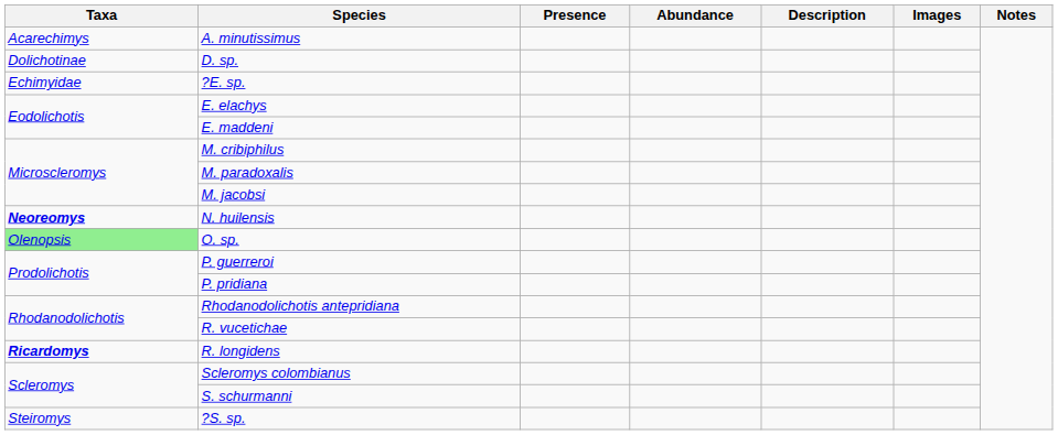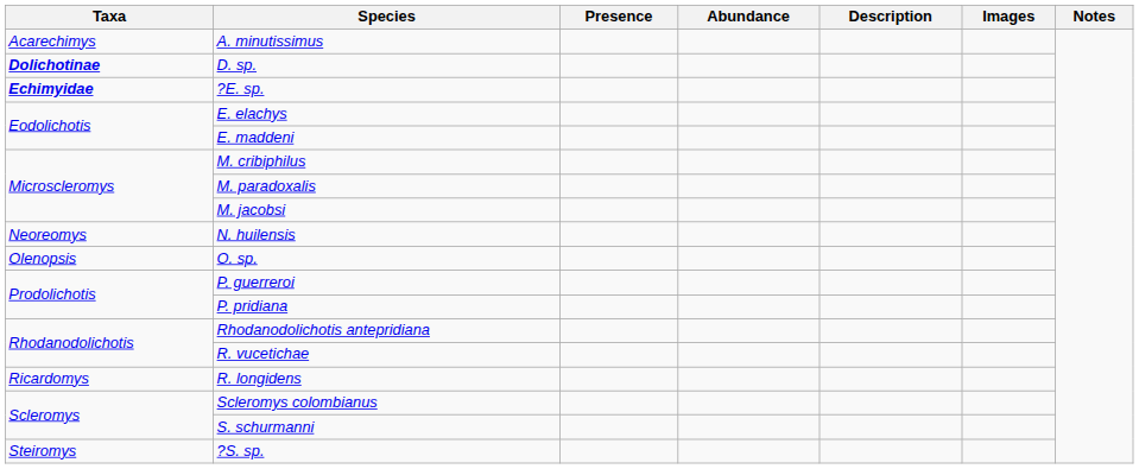 <table class="wikitable sortable" align="center" width="75%">
 <tr>
 <th>Taxa</th>
 <th>Species</th>
 <th>Presence</th>
 <th>Abundance</th>
 <th>Description</th>
 <th>Images</th>
 <th>Notes</th>
 </tr>
 <tr>
 <td><em><a href='#'>Acarechimys</a></em></td>
 <td><em><a href='#'>A. minutissimus</a></em></td>
 <td></td>
 <td></td>
 <td></td>
 <td></td>
 <td rowspan = "18"></td>
 </tr>
 <tr>
-<td><em><a href='#'>Dolichotinae</a></em></td>
+<td><strong><em><a href='#'>Dolichotinae</a></em></strong></td>
 <td><em><a href='#'>D. sp.</a></em></td>
 <td></td>
 <td></td>
 <td></td>
 <td></td>
 </tr>
 <tr>
-<td><em><a href='#'>Echimyidae</a></em></td>
+<td><strong><em><a href='#'>Echimyidae</a></em></strong></td>
 <td><em><a href='#'>?E. sp.</a></em></td>
 <td></td>
 <td></td>
 <td></td>
 <td></td>
 </tr>
 <tr>
 <td rowspan = "2"><em><a href='#'>Eodolichotis</a></em></td>
 <td><em><a href='#'>E. elachys</a></em></td>
 <td></td>
 <td></td>
 <td></td>
 <td></td>
 </tr>
 <tr>
 <td><em><a href='#'>E. maddeni</a></em></td>
 <td></td>
 <td></td>
 <td></td>
 <td></td>
 </tr>
 <tr>
 <td rowspan = "3"><em><a href='#'>Microscleromys</a></em></td>
 <td><em><a href='#'>M. cribiphilus</a></em></td>
 <td></td>
 <td></td>
 <td></td>
 <td></td>
 </tr>
 <tr>
 <td><em><a href='#'>M. paradoxalis</a></em></td>
 <td></td>
 <td></td>
 <td></td>
 <td></td>
 </tr>
 <tr>
 <td><em><a href='#'>M. jacobsi</a></em></td>
 <td></td>
 <td></td>
 <td></td>
 <td></td>
 </tr>
 <tr>
-<td><strong><em><a href='#'>Neoreomys</a></em></strong></td>
+<td><em><a href='#'>Neoreomys</a></em></td>
 <td><em><a href='#'>N. huilensis</a></em></td>
 <td></td>
 <td></td>
 <td></td>
 <td></td>
 </tr>
 <tr>
-<td style="background: lightgreen;"><em><a href='#'>Olenopsis</a></em></td>
+<td><em><a href='#'>Olenopsis</a></em></td>
 <td><em><a href='#'>O. sp.</a></em></td>
 <td></td>
 <td></td>
 <td></td>
 <td></td>
 </tr>
 <tr>
 <td rowspan = "2"><em><a href='#'>Prodolichotis</a></em></td>
 <td><em><a href='#'>P. guerreroi</a></em></td>
 <td></td>
 <td></td>
 <td></td>
 <td></td>
 </tr>
 <tr>
 <td><em><a href='#'>P. pridiana</a></em></td>
 <td></td>
 <td></td>
 <td></td>
 <td></td>
 </tr>
 <tr>
 <td Rowspan = "2"><em><a href='#'>Rhodanodolichotis</a></em></td>
 <td><em><a href='#'>Rhodanodolichotis antepridiana</a></em></td>
 <td></td>
 <td></td>
 <td></td>
 <td></td>
 </tr>
 <tr>
 <td><em><a href='#'>R. vucetichae</a></em></td>
 <td></td>
 <td></td>
 <td></td>
 <td></td>
 </tr>
 <tr>
-<td><strong><em><a href='#'>Ricardomys</a></em></strong></td>
+<td><em><a href='#'>Ricardomys</a></em></td>
 <td><em><a href='#'>R. longidens</a></em></td>
 <td></td>
 <td></td>
 <td></td>
 <td></td>
 </tr>
 <tr>
 <td rowspan = "2"><em><a href='#'>Scleromys</a></em></td>
 <td><em><a href='#'>Scleromys colombianus</a></em></td>
 <td></td>
 <td></td>
 <td></td>
 <td></td>
 </tr>
 <tr>
 <td><em><a href='#'>S. schurmanni</a></em></td>
 <td></td>
 <td></td>
 <td></td>
 <td></td>
 </tr>
 <tr>
 <td><em><a href='#'>Steiromys</a></em></td>
 <td><em><a href='#'>?S. sp.</a></em></td>
 <td></td>
 <td></td>
 <td></td>
 <td></td>
 </tr>
 </table>
